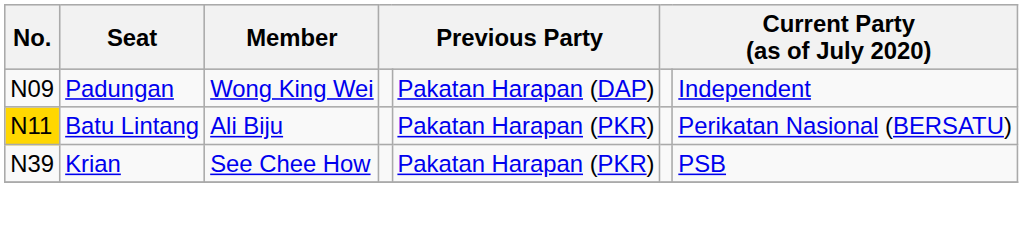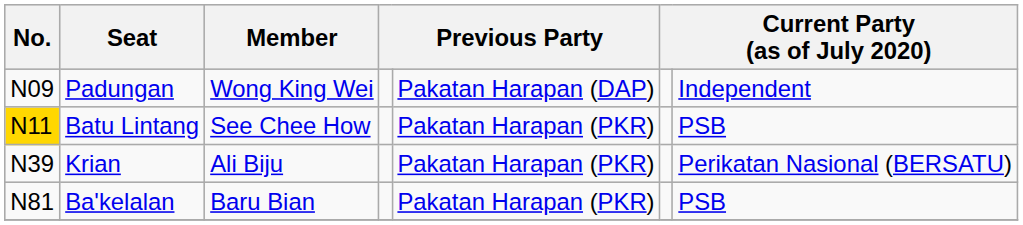 <table class="wikitable sortable mw-collapsible mw-collapsed" style="font-size:95%;">
 <tr>
 <th scope="col">No.</th>
 <th scope="col">Seat</th>
 <th scope="col">Member</th>
 <th colspan="2" scope="col">Previous Party</th>
 <th colspan="2" scope="col">Current Party<br>(as of July 2020)</th>
 </tr>
 <tr>
 <td>N09</td>
 <td><a href='#'>Padungan</a></td>
 <td><a href='#'>Wong King Wei</a></td>
 <td width="1"></td>
 <td><a href='#'>Pakatan Harapan</a> (<a href='#'>DAP</a>)</td>
 <td width="1"></td>
 <td><a href='#'>Independent</a></td>
 </tr>
 <tr>
 <td style="background: gold;">N11</td>
 <td><a href='#'>Batu Lintang</a></td>
+<td><a href='#'>See Chee How</a></td>
+<td width="1"></td>
+<td><a href='#'>Pakatan Harapan</a> (<a href='#'>PKR</a>)</td>
+<td width="1"></td>
+<td><a href='#'>PSB</a></td>
+</tr>
+<tr>
+<td>N39</td>
+<td><a href='#'>Krian</a></td>
 <td><a href='#'>Ali Biju</a></td>
 <td width="1"></td>
 <td><a href='#'>Pakatan Harapan</a> (<a href='#'>PKR</a>)</td>
 <td width="1"></td>
 <td><a href='#'>Perikatan Nasional</a> (<a href='#'>BERSATU</a>)</td>
 </tr>
 <tr>
-<td>N39</td>
-<td><a href='#'>Krian</a></td>
-<td><a href='#'>See Chee How</a></td>
+<td>N81</td>
+<td><a href='#'>Ba'kelalan</a></td>
+<td><a href='#'>Baru Bian</a></td>
 <td width="1"></td>
 <td><a href='#'>Pakatan Harapan</a> (<a href='#'>PKR</a>)</td>
 <td width="1"></td>
 <td><a href='#'>PSB</a></td>
 </tr>
 <tr>
 </tr>
 </table>
